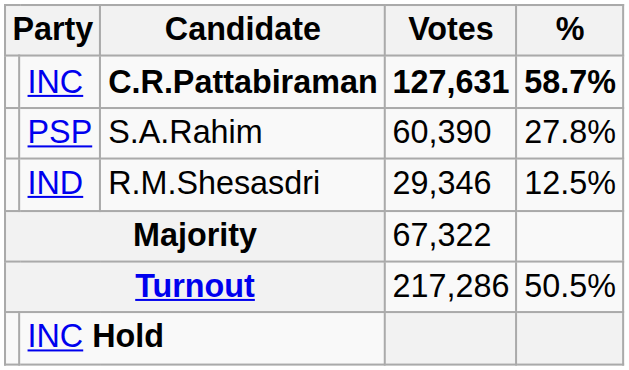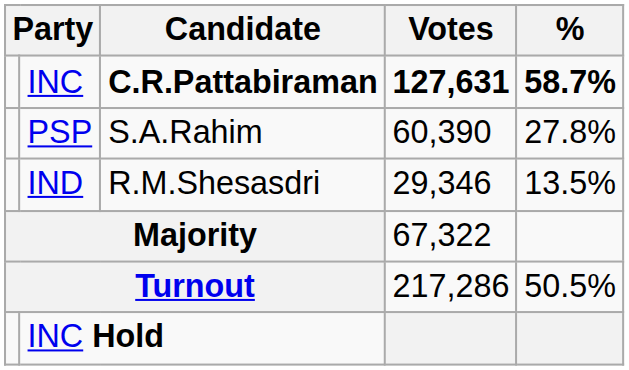 <table class="wikitable">
 <tr>
 <th colspan="2">Party</th>
 <th>Candidate</th>
 <th>Votes</th>
 <th>%</th>
 </tr>
 <tr>
 <td></td>
 <td><a href='#'>INC</a></td>
 <td><strong>C.R.Pattabiraman</strong></td>
 <td><strong>127,631</strong></td>
 <td><strong>58.7%</strong></td>
 </tr>
 <tr>
 <td></td>
 <td><a href='#'>PSP</a></td>
 <td>S.A.Rahim</td>
 <td>60,390</td>
 <td>27.8%</td>
 </tr>
 <tr>
 <td></td>
 <td><a href='#'>IND</a></td>
 <td>R.M.Shesasdri</td>
 <td>29,346</td>
-<td>12.5%</td>
+<td>13.5%</td>
 </tr>
 <tr>
 <th colspan="3">Majority</th>
 <td>67,322</td>
 </tr>
 <tr>
 <th colspan="3"><a href='#'>Turnout</a></th>
 <td>217,286</td>
 <td>50.5%</td>
 </tr>
 <tr>
 <td></td>
 <td colspan="2"><a href='#'>INC</a> <strong>Hold</strong></td>
 <th></th>
 <th></th>
 </tr>
 </table>
